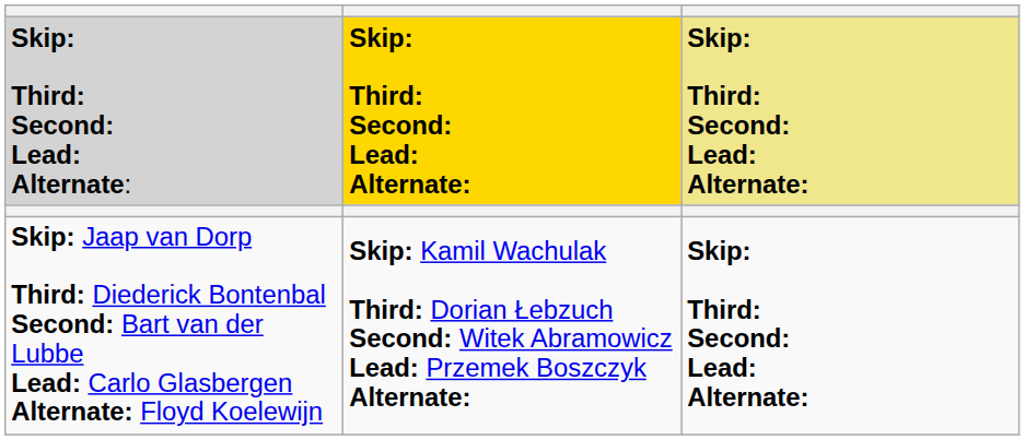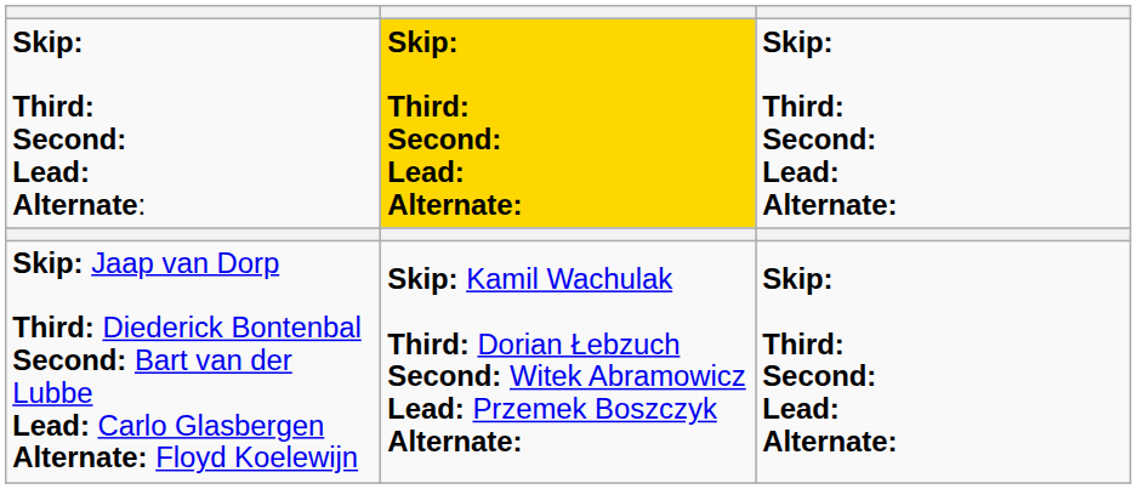 <table class="wikitable">
 <tr>
 <th bgcolor="#efefef" width="200"></th>
 <th bgcolor="#efefef" width="200"></th>
 <th bgcolor="#efefef" width="200"></th>
 </tr>
 <tr align=center>
-<td align=left style="background: lightgrey;"><strong>Skip:</strong>  <br><br><strong>Third:</strong>  <br> <strong>Second:</strong>  <br> <strong>Lead:</strong>  <br> <strong>Alternate</strong>:</td>
+<td align=left><strong>Skip:</strong>  <br><br><strong>Third:</strong>  <br> <strong>Second:</strong>  <br> <strong>Lead:</strong>  <br> <strong>Alternate</strong>:</td>
 <td align=left style="background: gold;"><strong>Skip:</strong>  <br><br><strong>Third:</strong> <br> <strong>Second:</strong> <br> <strong>Lead:</strong>  <br> <strong>Alternate:</strong></td>
-<td align=left style="background: khaki;"><strong>Skip:</strong>  <br><br><strong>Third:</strong>  <br> <strong>Second:</strong>  <br> <strong>Lead:</strong>  <br> <strong>Alternate:</strong></td>
+<td align=left><strong>Skip:</strong>  <br><br><strong>Third:</strong>  <br> <strong>Second:</strong>  <br> <strong>Lead:</strong>  <br> <strong>Alternate:</strong></td>
 </tr>
 <tr>
 <th bgcolor="#efefef" width="200"></th>
 <th bgcolor="#efefef" width="200"></th>
 <th bgcolor="#efefef" width="200"></th>
 </tr>
 <tr align=center>
 <td align=left><strong>Skip:</strong> <a href='#'>Jaap van Dorp</a><br><br><strong>Third:</strong> <a href='#'>Diederick Bontenbal</a><br> <strong>Second:</strong> <a href='#'>Bart van der Lubbe</a><br> <strong>Lead:</strong> <a href='#'>Carlo Glasbergen</a><br> <strong>Alternate:</strong> <a href='#'>Floyd Koelewijn</a><br></td>
 <td align=left><strong>Skip:</strong> <a href='#'>Kamil Wachulak</a> <br><br><strong>Third:</strong> <a href='#'>Dorian Łebzuch</a> <br> <strong>Second:</strong> <a href='#'>Witek Abramowicz</a> <br> <strong>Lead:</strong> <a href='#'>Przemek Boszczyk</a> <br> <strong>Alternate:</strong></td>
 <td align=left><strong>Skip:</strong>  <br><br><strong>Third:</strong>  <br> <strong>Second:</strong>  <br> <strong>Lead:</strong>  <br> <strong>Alternate:</strong></td>
 </tr>
 </table>
